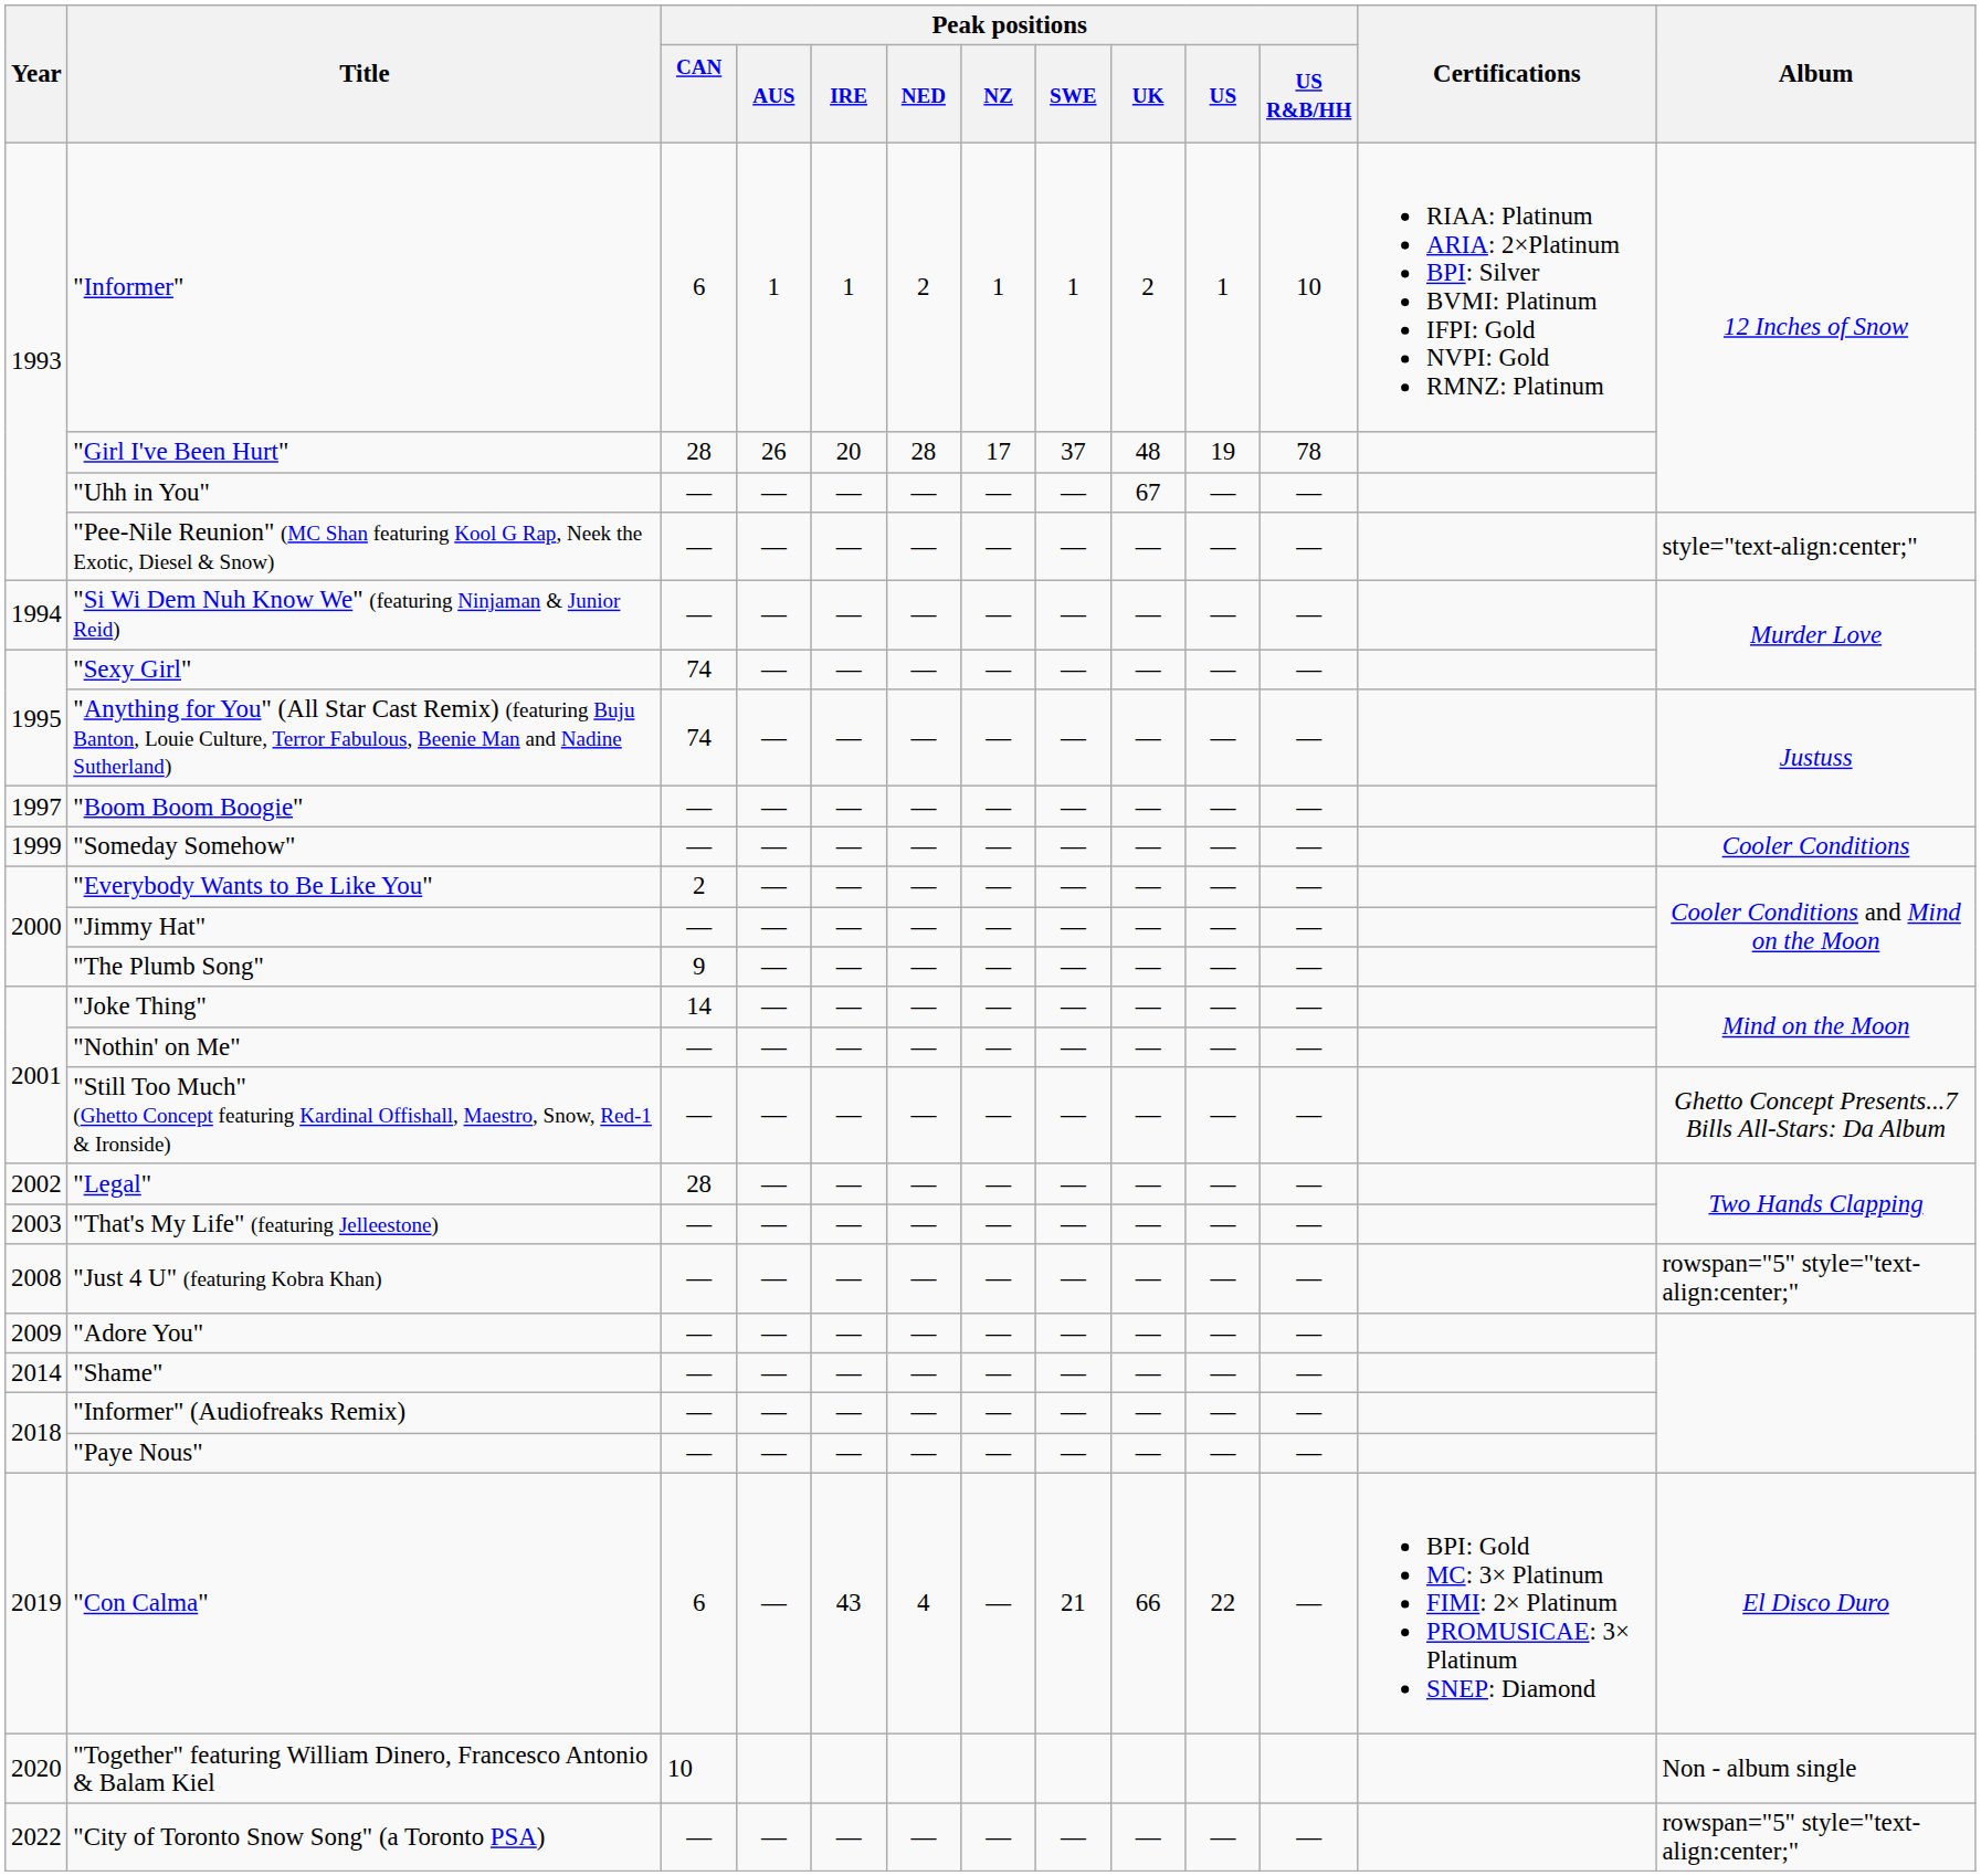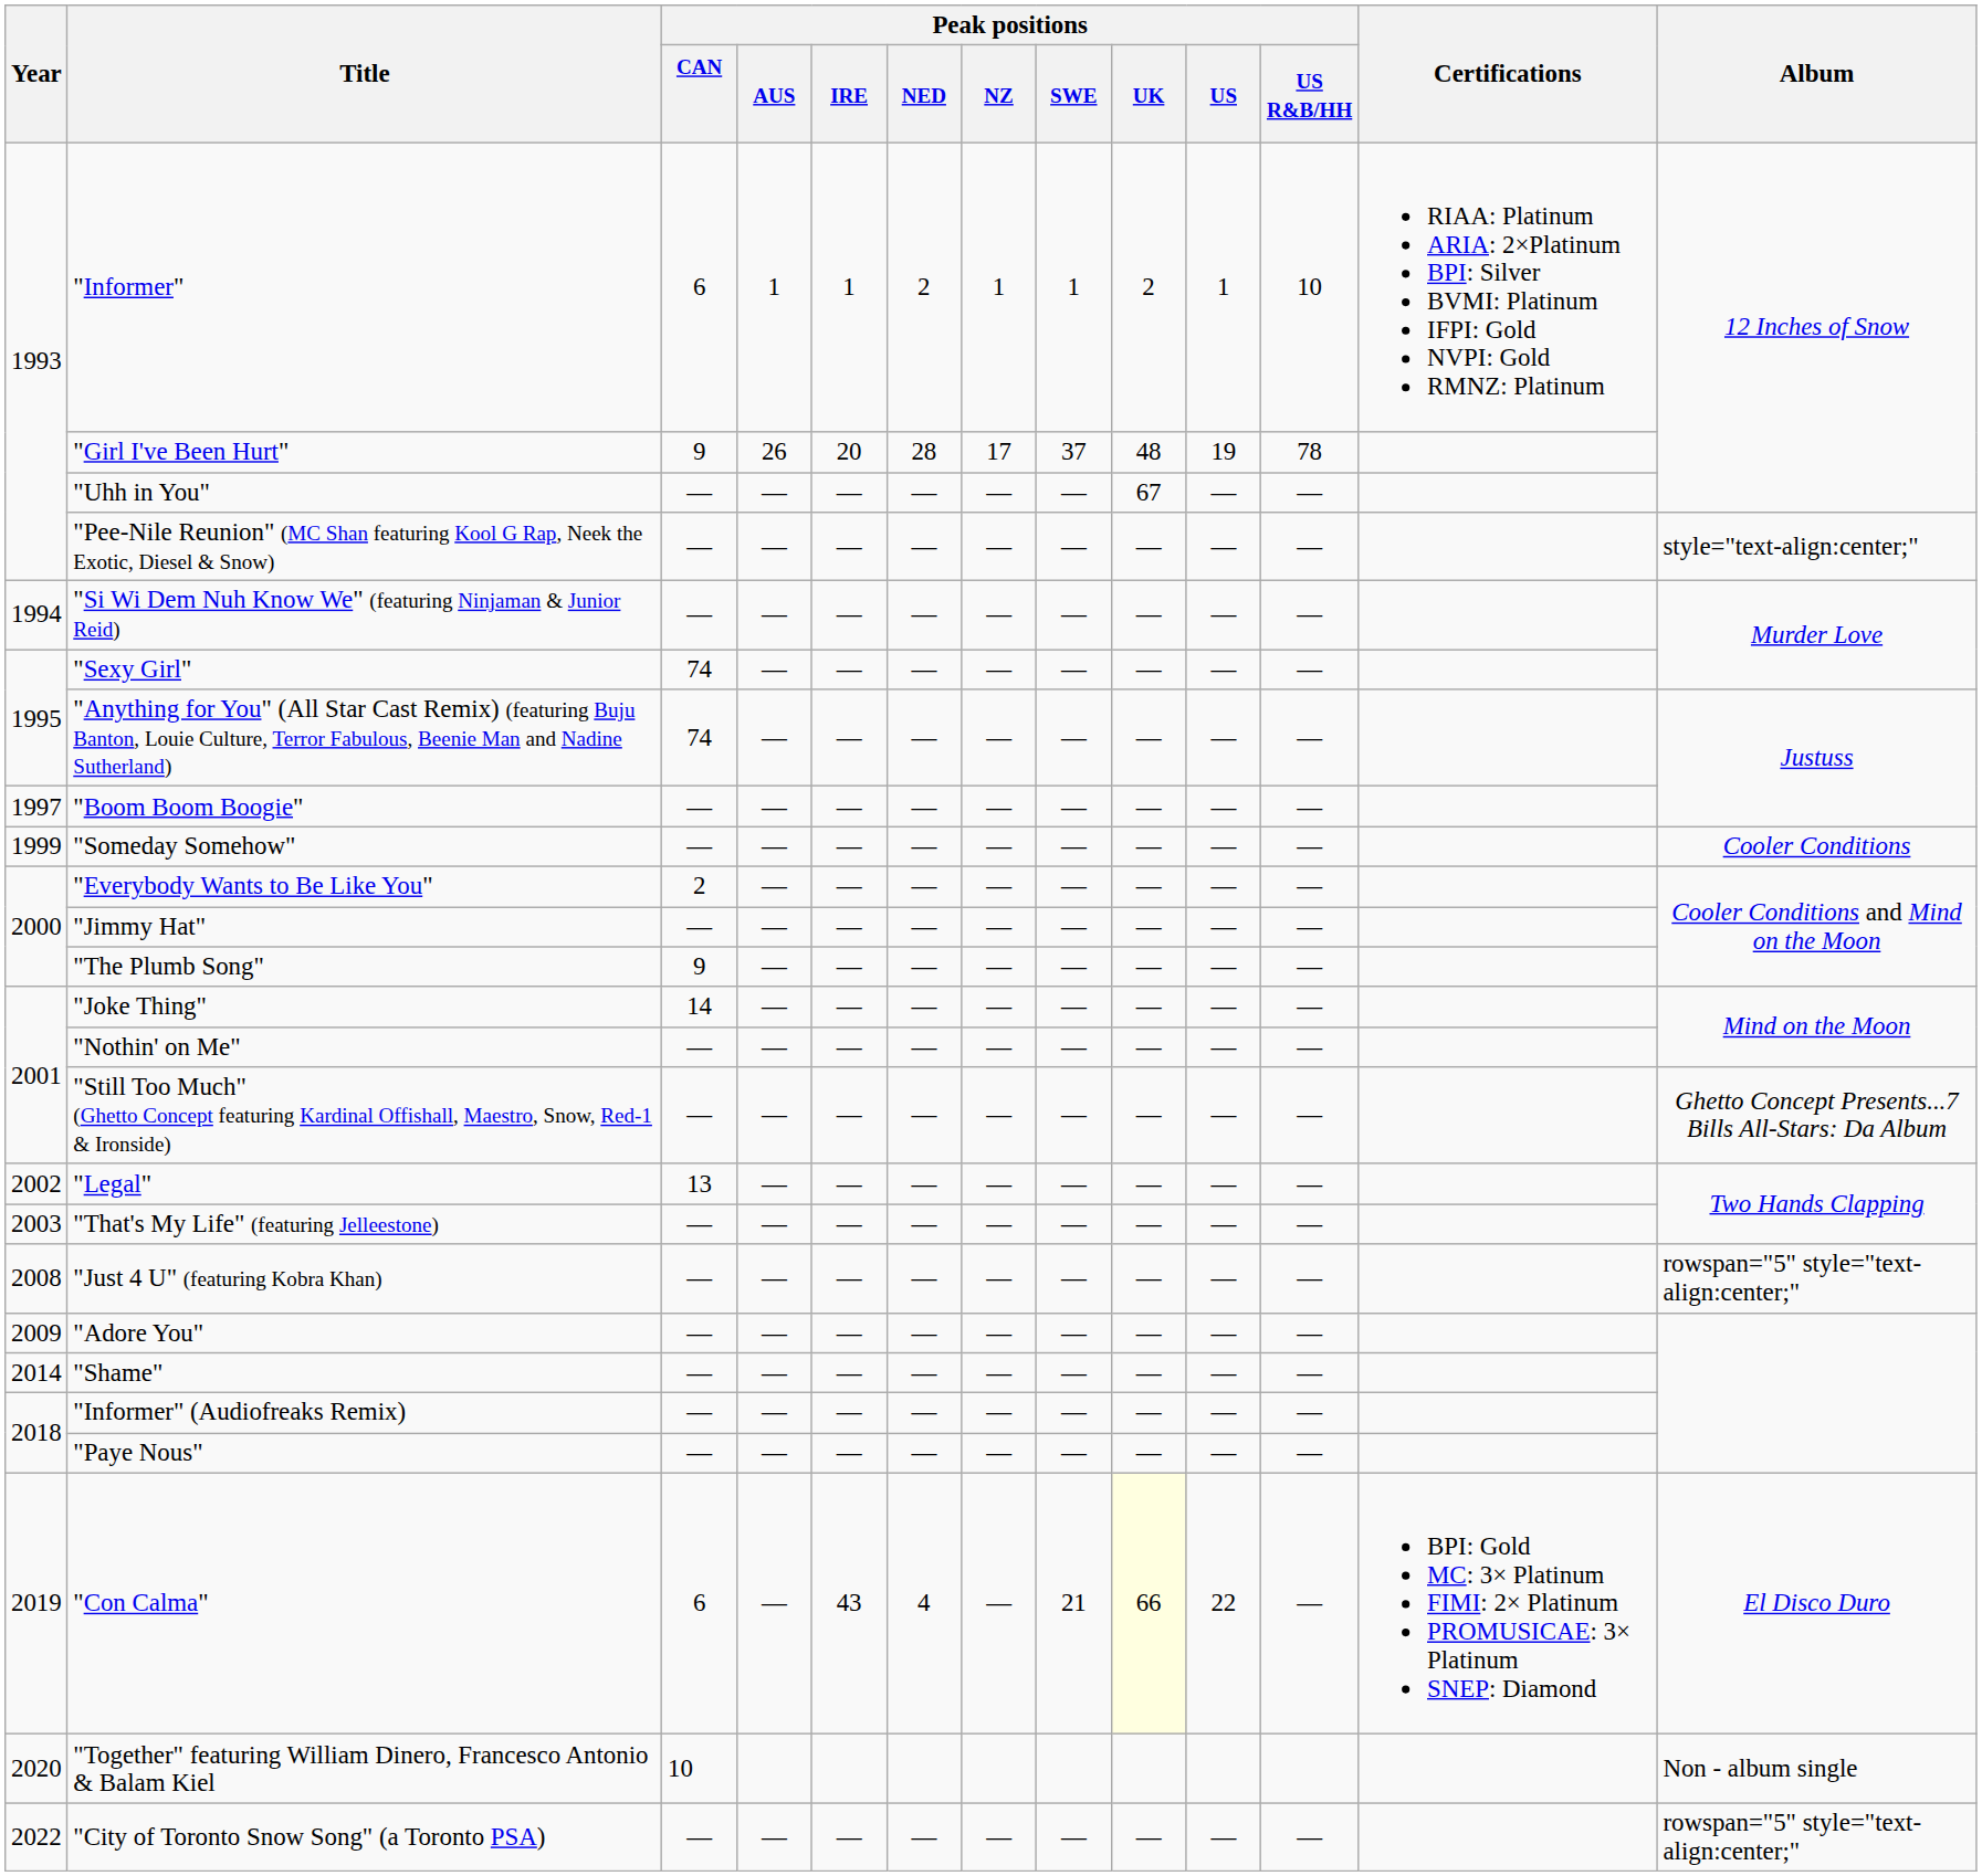 <table class="wikitable">
 <tr>
 <th rowspan="2">Year</th>
 <th rowspan="2">Title</th>
 <th colspan="9">Peak positions</th>
 <th rowspan="2">Certifications</th>
 <th rowspan="2">Album</th>
 </tr>
 <tr>
 <th width="40"><small><a href='#'>CAN</a></small><br><br><br></th>
 <th width="40"><small><a href='#'>AUS</a></small><br></th>
 <th width="40"><small><a href='#'>IRE</a></small><br></th>
 <th width="40"><small><a href='#'>NED</a></small><br></th>
 <th width="40"><small><a href='#'>NZ</a></small><br></th>
 <th width="40"><small><a href='#'>SWE</a></small><br></th>
 <th width="40"><small><a href='#'>UK</a></small><br></th>
 <th width="40"><small><a href='#'>US</a></small><br></th>
 <th width="40"><small><a href='#'>US R&B/HH</a></small><br></th>
 </tr>
 <tr>
 <td style="text-align:center;" rowspan="4">1993</td>
 <td>"<a href='#'>Informer</a>"</td>
 <td style="text-align:center;">6</td>
 <td style="text-align:center;">1</td>
 <td style="text-align:center;">1</td>
 <td style="text-align:center;">2</td>
 <td style="text-align:center;">1</td>
 <td style="text-align:center;">1</td>
 <td style="text-align:center;">2</td>
 <td style="text-align:center;">1</td>
 <td style="text-align:center;">10</td>
 <td><br><ul><li>RIAA: Platinum</li><li><a href='#'>ARIA</a>: 2×Platinum</li><li><a href='#'>BPI</a>: Silver</li><li>BVMI: Platinum</li><li>IFPI: Gold</li><li>NVPI: Gold</li><li>RMNZ: Platinum</li></ul></td>
 <td style="text-align:center;" rowspan="3"><em><a href='#'>12 Inches of Snow</a></em></td>
 </tr>
 <tr>
 <td>"<a href='#'>Girl I've Been Hurt</a>"</td>
-<td style="text-align:center;">28</td>
+<td style="text-align:center;">9</td>
 <td style="text-align:center;">26</td>
 <td style="text-align:center;">20</td>
 <td style="text-align:center;">28</td>
 <td style="text-align:center;">17</td>
 <td style="text-align:center;">37</td>
 <td style="text-align:center;">48</td>
 <td style="text-align:center;">19</td>
 <td style="text-align:center;">78</td>
 <td></td>
 </tr>
 <tr>
 <td>"Uhh in You"</td>
 <td style="text-align:center;">—</td>
 <td style="text-align:center;">—</td>
 <td style="text-align:center;">—</td>
 <td style="text-align:center;">—</td>
 <td style="text-align:center;">—</td>
 <td style="text-align:center;">—</td>
 <td style="text-align:center;">67</td>
 <td style="text-align:center;">—</td>
 <td style="text-align:center;">—</td>
 <td></td>
 </tr>
 <tr>
 <td>"Pee-Nile Reunion" <small>(<a href='#'>MC Shan</a> featuring <a href='#'>Kool G Rap</a>, Neek the Exotic, Diesel & Snow)</small></td>
 <td style="text-align:center;">—</td>
 <td style="text-align:center;">—</td>
 <td style="text-align:center;">—</td>
 <td style="text-align:center;">—</td>
 <td style="text-align:center;">—</td>
 <td style="text-align:center;">—</td>
 <td style="text-align:center;">—</td>
 <td style="text-align:center;">—</td>
 <td style="text-align:center;">—</td>
 <td></td>
 <td>style="text-align:center;" </td>
 </tr>
 <tr>
 <td style="text-align:center;">1994</td>
 <td>"<a href='#'>Si Wi Dem Nuh Know We</a>" <small>(featuring <a href='#'>Ninjaman</a> & <a href='#'>Junior Reid</a>)</small></td>
 <td style="text-align:center;">—</td>
 <td style="text-align:center;">—</td>
 <td style="text-align:center;">—</td>
 <td style="text-align:center;">—</td>
 <td style="text-align:center;">—</td>
 <td style="text-align:center;">—</td>
 <td style="text-align:center;">—</td>
 <td style="text-align:center;">—</td>
 <td style="text-align:center;">—</td>
 <td></td>
 <td style="text-align:center;" rowspan="2"><em><a href='#'>Murder Love</a></em></td>
 </tr>
 <tr>
 <td style="text-align:center;" rowspan="2">1995</td>
 <td>"<a href='#'>Sexy Girl</a>"</td>
 <td style="text-align:center;">74</td>
 <td style="text-align:center;">—</td>
 <td style="text-align:center;">—</td>
 <td style="text-align:center;">—</td>
 <td style="text-align:center;">—</td>
 <td style="text-align:center;">—</td>
 <td style="text-align:center;">—</td>
 <td style="text-align:center;">—</td>
 <td style="text-align:center;">—</td>
 <td></td>
 </tr>
 <tr>
 <td>"<a href='#'>Anything for You</a>" (All Star Cast Remix) <small>(featuring <a href='#'>Buju Banton</a>, Louie Culture, <a href='#'>Terror Fabulous</a>, <a href='#'>Beenie Man</a> and <a href='#'>Nadine Sutherland</a>)</small></td>
 <td style="text-align:center;">74</td>
 <td style="text-align:center;">—</td>
 <td style="text-align:center;">—</td>
 <td style="text-align:center;">—</td>
 <td style="text-align:center;">—</td>
 <td style="text-align:center;">—</td>
 <td style="text-align:center;">—</td>
 <td style="text-align:center;">—</td>
 <td style="text-align:center;">—</td>
 <td></td>
 <td style="text-align:center;" rowspan="2"><em><a href='#'>Justuss</a></em></td>
 </tr>
 <tr>
 <td style="text-align:center;">1997</td>
 <td>"<a href='#'>Boom Boom Boogie</a>"</td>
 <td style="text-align:center;">—</td>
 <td style="text-align:center;">—</td>
 <td style="text-align:center;">—</td>
 <td style="text-align:center;">—</td>
 <td style="text-align:center;">—</td>
 <td style="text-align:center;">—</td>
 <td style="text-align:center;">—</td>
 <td style="text-align:center;">—</td>
 <td style="text-align:center;">—</td>
 <td></td>
 </tr>
 <tr>
 <td style="text-align:center;">1999</td>
 <td>"Someday Somehow"</td>
 <td style="text-align:center;">—</td>
 <td style="text-align:center;">—</td>
 <td style="text-align:center;">—</td>
 <td style="text-align:center;">—</td>
 <td style="text-align:center;">—</td>
 <td style="text-align:center;">—</td>
 <td style="text-align:center;">—</td>
 <td style="text-align:center;">—</td>
 <td style="text-align:center;">—</td>
 <td></td>
 <td style="text-align:center;"><em><a href='#'>Cooler Conditions</a></em></td>
 </tr>
 <tr>
 <td style="text-align:center;" rowspan="3">2000</td>
 <td>"<a href='#'>Everybody Wants to Be Like You</a>"</td>
 <td style="text-align:center;">2</td>
 <td style="text-align:center;">—</td>
 <td style="text-align:center;">—</td>
 <td style="text-align:center;">—</td>
 <td style="text-align:center;">—</td>
 <td style="text-align:center;">—</td>
 <td style="text-align:center;">—</td>
 <td style="text-align:center;">—</td>
 <td style="text-align:center;">—</td>
 <td></td>
 <td style="text-align:center;" rowspan="3"><em><a href='#'>Cooler Conditions</a></em> and <em><a href='#'>Mind on the Moon</a></em></td>
 </tr>
 <tr>
 <td>"Jimmy Hat"</td>
 <td style="text-align:center;">—</td>
 <td style="text-align:center;">—</td>
 <td style="text-align:center;">—</td>
 <td style="text-align:center;">—</td>
 <td style="text-align:center;">—</td>
 <td style="text-align:center;">—</td>
 <td style="text-align:center;">—</td>
 <td style="text-align:center;">—</td>
 <td style="text-align:center;">—</td>
 <td></td>
 </tr>
 <tr>
 <td>"The Plumb Song"</td>
 <td style="text-align:center;">9</td>
 <td style="text-align:center;">—</td>
 <td style="text-align:center;">—</td>
 <td style="text-align:center;">—</td>
 <td style="text-align:center;">—</td>
 <td style="text-align:center;">—</td>
 <td style="text-align:center;">—</td>
 <td style="text-align:center;">—</td>
 <td style="text-align:center;">—</td>
 </tr>
 <tr>
 <td style="text-align:center;" rowspan="3">2001</td>
 <td>"Joke Thing"</td>
 <td style="text-align:center;">14</td>
 <td style="text-align:center;">—</td>
 <td style="text-align:center;">—</td>
 <td style="text-align:center;">—</td>
 <td style="text-align:center;">—</td>
 <td style="text-align:center;">—</td>
 <td style="text-align:center;">—</td>
 <td style="text-align:center;">—</td>
 <td style="text-align:center;">—</td>
 <td></td>
 <td style="text-align:center;" rowspan="2"><em><a href='#'>Mind on the Moon</a></em></td>
 </tr>
 <tr>
 <td>"Nothin' on Me"</td>
 <td style="text-align:center;">—</td>
 <td style="text-align:center;">—</td>
 <td style="text-align:center;">—</td>
 <td style="text-align:center;">—</td>
 <td style="text-align:center;">—</td>
 <td style="text-align:center;">—</td>
 <td style="text-align:center;">—</td>
 <td style="text-align:center;">—</td>
 <td style="text-align:center;">—</td>
 </tr>
 <tr>
 <td>"Still Too Much"<br><small>(<a href='#'>Ghetto Concept</a> featuring <a href='#'>Kardinal Offishall</a>, <a href='#'>Maestro</a>, Snow, <a href='#'>Red-1</a> & Ironside)</small></td>
 <td style="text-align:center;">—</td>
 <td style="text-align:center;">—</td>
 <td style="text-align:center;">—</td>
 <td style="text-align:center;">—</td>
 <td style="text-align:center;">—</td>
 <td style="text-align:center;">—</td>
 <td style="text-align:center;">—</td>
 <td style="text-align:center;">—</td>
 <td style="text-align:center;">—</td>
 <td></td>
 <td style="text-align:center;"><em>Ghetto Concept Presents...7 Bills All-Stars: Da Album</em></td>
 </tr>
 <tr>
 <td>2002</td>
 <td>"<a href='#'>Legal</a>"</td>
-<td style="text-align:center;">28</td>
+<td style="text-align:center;">13</td>
 <td style="text-align:center;">—</td>
 <td style="text-align:center;">—</td>
 <td style="text-align:center;">—</td>
 <td style="text-align:center;">—</td>
 <td style="text-align:center;">—</td>
 <td style="text-align:center;">—</td>
 <td style="text-align:center;">—</td>
 <td style="text-align:center;">—</td>
 <td></td>
 <td style="text-align:center;" rowspan="2"><em><a href='#'>Two Hands Clapping</a></em></td>
 </tr>
 <tr>
 <td>2003</td>
 <td>"That's My Life" <small>(featuring <a href='#'>Jelleestone</a>)</small></td>
 <td style="text-align:center;">—</td>
 <td style="text-align:center;">—</td>
 <td style="text-align:center;">—</td>
 <td style="text-align:center;">—</td>
 <td style="text-align:center;">—</td>
 <td style="text-align:center;">—</td>
 <td style="text-align:center;">—</td>
 <td style="text-align:center;">—</td>
 <td style="text-align:center;">—</td>
 <td></td>
 </tr>
 <tr>
 <td style="text-align:center;">2008</td>
 <td>"Just 4 U" <small>(featuring Kobra Khan)</small></td>
 <td style="text-align:center;">—</td>
 <td style="text-align:center;">—</td>
 <td style="text-align:center;">—</td>
 <td style="text-align:center;">—</td>
 <td style="text-align:center;">—</td>
 <td style="text-align:center;">—</td>
 <td style="text-align:center;">—</td>
 <td style="text-align:center;">—</td>
 <td style="text-align:center;">—</td>
 <td></td>
 <td>rowspan="5" style="text-align:center;" </td>
 </tr>
 <tr>
 <td style="text-align:center;">2009</td>
 <td>"Adore You"</td>
 <td style="text-align:center;">—</td>
 <td style="text-align:center;">—</td>
 <td style="text-align:center;">—</td>
 <td style="text-align:center;">—</td>
 <td style="text-align:center;">—</td>
 <td style="text-align:center;">—</td>
 <td style="text-align:center;">—</td>
 <td style="text-align:center;">—</td>
 <td style="text-align:center;">—</td>
 <td></td>
 </tr>
 <tr>
 <td>2014</td>
 <td>"Shame" </td>
 <td style="text-align:center;">—</td>
 <td style="text-align:center;">—</td>
 <td style="text-align:center;">—</td>
 <td style="text-align:center;">—</td>
 <td style="text-align:center;">—</td>
 <td style="text-align:center;">—</td>
 <td style="text-align:center;">—</td>
 <td style="text-align:center;">—</td>
 <td style="text-align:center;">—</td>
 <td></td>
 </tr>
 <tr>
 <td rowspan="2">2018</td>
 <td>"Informer" (Audiofreaks Remix)</td>
 <td style="text-align:center;">—</td>
 <td style="text-align:center;">—</td>
 <td style="text-align:center;">—</td>
 <td style="text-align:center;">—</td>
 <td style="text-align:center;">—</td>
 <td style="text-align:center;">—</td>
 <td style="text-align:center;">—</td>
 <td style="text-align:center;">—</td>
 <td style="text-align:center;">—</td>
 <td></td>
 </tr>
 <tr>
 <td>"Paye Nous" </td>
 <td style="text-align:center;">—</td>
 <td style="text-align:center;">—</td>
 <td style="text-align:center;">—</td>
 <td style="text-align:center;">—</td>
 <td style="text-align:center;">—</td>
 <td style="text-align:center;">—</td>
 <td style="text-align:center;">—</td>
 <td style="text-align:center;">—</td>
 <td style="text-align:center;">—</td>
 <td></td>
 </tr>
 <tr>
 <td>2019</td>
 <td>"<a href='#'>Con Calma</a>" </td>
 <td style="text-align:center;">6</td>
 <td style="text-align:center;">—</td>
 <td style="text-align:center;">43<br></td>
 <td style="text-align:center;">4</td>
 <td style="text-align:center;">—</td>
 <td style="text-align:center;">21<br></td>
-<td style="text-align:center;">66</td>
+<td style="background: lightyellow; text-align:center;">66</td>
 <td style="text-align:center;">22</td>
 <td style="text-align:center;">—</td>
 <td><br><ul><li>BPI: Gold</li><li><a href='#'>MC</a>: 3× Platinum</li><li><a href='#'>FIMI</a>: 2× Platinum</li><li><a href='#'>PROMUSICAE</a>: 3× Platinum</li><li><a href='#'>SNEP</a>: Diamond</li></ul></td>
 <td style="text-align:center;"><em><a href='#'>El Disco Duro</a></em></td>
 </tr>
 <tr>
 <td>2020</td>
 <td>"Together" featuring William Dinero, Francesco Antonio & Balam Kiel</td>
 <td>10</td>
 <td></td>
 <td></td>
 <td></td>
 <td></td>
 <td></td>
 <td></td>
 <td></td>
 <td></td>
 <td></td>
 <td>Non - album     single</td>
 </tr>
 <tr>
 <td>2022</td>
 <td>"City of Toronto Snow Song" (a Toronto <a href='#'>PSA</a>)</td>
 <td style="text-align:center;">—</td>
 <td style="text-align:center;">—</td>
 <td style="text-align:center;">—</td>
 <td style="text-align:center;">—</td>
 <td style="text-align:center;">—</td>
 <td style="text-align:center;">—</td>
 <td style="text-align:center;">—</td>
 <td style="text-align:center;">—</td>
 <td style="text-align:center;">—</td>
 <td></td>
 <td>rowspan="5" style="text-align:center;" </td>
 </tr>
 </table>
